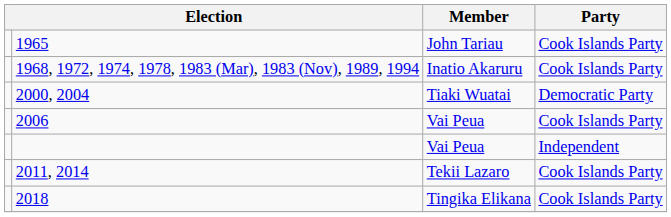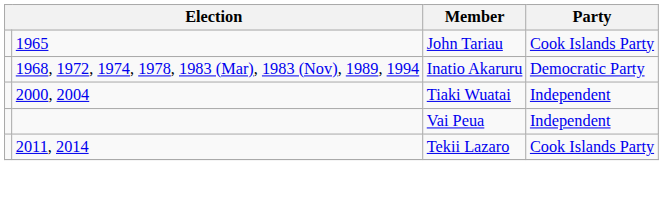 <table class="wikitable">
 <tr>
 <th colspan="2">Election</th>
 <th>Member</th>
 <th>Party</th>
 </tr>
 <tr>
 <td style="background-color: "></td>
 <td><a href='#'>1965</a></td>
 <td><a href='#'>John Tariau</a></td>
 <td><a href='#'>Cook Islands Party</a></td>
 </tr>
 <tr>
 <td style="background-color: "></td>
 <td><a href='#'>1968</a>, <a href='#'>1972</a>, <a href='#'>1974</a>, <a href='#'>1978</a>, <a href='#'>1983 (Mar)</a>, <a href='#'>1983 (Nov)</a>, <a href='#'>1989</a>, <a href='#'>1994</a></td>
 <td><a href='#'>Inatio Akaruru</a></td>
-<td><a href='#'>Cook Islands Party</a></td>
+<td><a href='#'>Democratic Party</a></td>
 </tr>
 <tr>
 <td style="background-color: "></td>
 <td><a href='#'>2000</a>, <a href='#'>2004</a></td>
 <td><a href='#'>Tiaki Wuatai</a></td>
-<td><a href='#'>Democratic Party</a></td>
-</tr>
-<tr>
-<td style="background-color: "></td>
-<td><a href='#'>2006</a></td>
-<td><a href='#'>Vai Peua</a></td>
-<td><a href='#'>Cook Islands Party</a></td>
+<td><a href='#'>Independent</a></td>
 </tr>
 <tr>
 <td style="background-color: "></td>
 <td></td>
 <td><a href='#'>Vai Peua</a></td>
 <td><a href='#'>Independent</a></td>
 </tr>
 <tr>
 <td style="background-color: "></td>
 <td><a href='#'>2011</a>, <a href='#'>2014</a></td>
 <td><a href='#'>Tekii Lazaro</a></td>
 <td><a href='#'>Cook Islands Party</a></td>
 </tr>
 <tr>
-<td style="background-color: "></td>
-<td><a href='#'>2018</a></td>
-<td><a href='#'>Tingika Elikana</a></td>
-<td><a href='#'>Cook Islands Party</a></td>
-</tr>
-<tr>
 </tr>
 </table>
